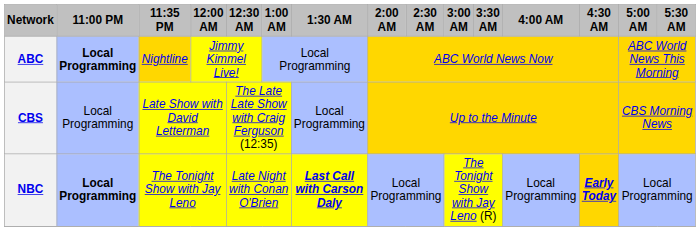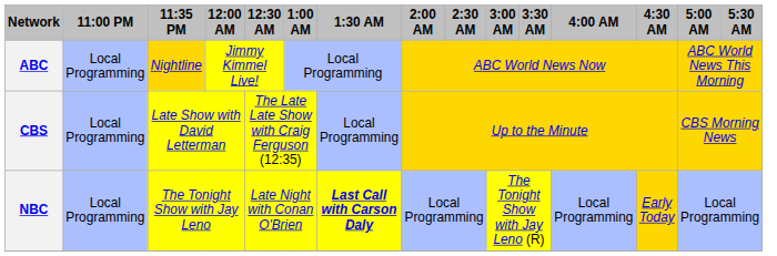 <table class="wikitable" style="width:100%;margin-right:0;text-align:center">
 <tr>
 <th colspan="1" style="background-color:#C0C0C0;text-align:center">Network</th>
 <th style="background-color:#C0C0C0;text-align:center">11:00 PM</th>
 <th style="background-color:#C0C0C0;text-align:center">11:35 PM</th>
 <th style="background-color:#C0C0C0;text-align:center">12:00 AM</th>
 <th style="background-color:#C0C0C0;text-align:center">12:30 AM</th>
 <th style="background-color:#C0C0C0;text-align:center">1:00 AM</th>
 <th style="background-color:#C0C0C0;text-align:center">1:30 AM</th>
 <th style="background-color:#C0C0C0;text-align:center">2:00 AM</th>
 <th style="background-color:#C0C0C0;text-align:center">2:30 AM</th>
 <th style="background-color:#C0C0C0;text-align:center">3:00 AM</th>
 <th style="background-color:#C0C0C0;text-align:center">3:30 AM</th>
 <th style="background-color:#C0C0C0;text-align:center">4:00 AM</th>
 <th style="background-color:#C0C0C0;text-align:center">4:30 AM</th>
 <th style="background-color:#C0C0C0;text-align:center">5:00 AM</th>
 <th style="background-color:#C0C0C0;text-align:center">5:30 AM</th>
 </tr>
 <tr>
 <th colspan="1"><a href='#'>ABC</a></th>
-<td colspan="1" style="background:#abbfff"><strong>Local Programming</strong></td>
+<td colspan="1" style="background:#abbfff">Local Programming</td>
 <td colspan="1" style="background:gold"><em><a href='#'>Nightline</a></em></td>
 <td colspan="2" style="background:yellow"><em><a href='#'>Jimmy Kimmel Live!</a></em></td>
 <td colspan="2" style="background:#abbfff">Local Programming</td>
 <td colspan="6" style="background:gold"><em><a href='#'>ABC World News Now</a></em></td>
 <td colspan="2" style="background:gold"><em><a href='#'>ABC World News This Morning</a></em></td>
 </tr>
 <tr>
 <th colspan="1"><a href='#'>CBS</a></th>
 <td colspan="1" style="background:#abbfff">Local Programming</td>
 <td colspan="2" style="background:yellow"><em><a href='#'>Late Show with David Letterman</a></em></td>
 <td colspan="2" style="background:yellow"><em><a href='#'>The Late Late Show with Craig Ferguson</a></em> (12:35)</td>
 <td colspan="1" style="background:#abbfff">Local Programming</td>
 <td colspan="6" style="background:gold"><em><a href='#'>Up to the Minute</a></em></td>
 <td colspan="2" style="background:gold"><em><a href='#'>CBS Morning News</a></em></td>
 </tr>
 <tr>
 <th colspan="1"><a href='#'>NBC</a></th>
-<td colspan="1" style="background:#abbfff"><strong>Local Programming</strong></td>
+<td colspan="1" style="background:#abbfff">Local Programming</td>
 <td colspan="2" style="background:yellow"><em><a href='#'>The Tonight Show with Jay Leno</a></em></td>
 <td colspan="2" style="background:yellow"><em><a href='#'>Late Night with Conan O'Brien</a></em></td>
 <td colspan="1" style="background:yellow"><strong><em><a href='#'>Last Call with Carson Daly</a></em></strong></td>
 <td colspan="2" style="background:#abbfff">Local Programming</td>
 <td colspan="2" style="background:yellow"><em><a href='#'>The Tonight Show with Jay Leno</a></em> (R)</td>
 <td colspan="1" style="background:#abbfff">Local Programming</td>
-<td colspan="1" style="background:gold"><strong><em><a href='#'>Early Today</a></em></strong></td>
+<td colspan="1" style="background:gold"><em><a href='#'>Early Today</a></em></td>
 <td colspan="2" style="background:#abbfff">Local Programming</td>
 </tr>
 <tr>
 </tr>
 </table>
